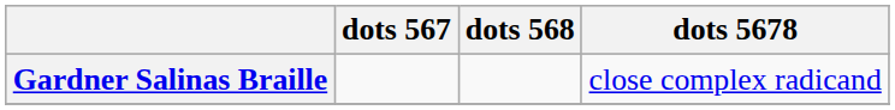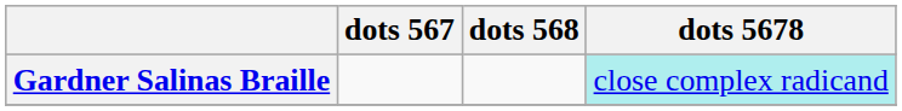 <table class="wikitable">
 <tr>
 <th></th>
 <th>dots 567</th>
 <th>dots 568</th>
 <th>dots 5678</th>
 </tr>
 <tr>
 <th align=left><a href='#'>Gardner Salinas Braille</a></th>
 <td></td>
 <td></td>
-<td><a href='#'>close complex radicand</a></td>
+<td style="background: paleturquoise;"><a href='#'>close complex radicand</a></td>
 </tr>
 <tr>
 </tr>
 <tr>
 </tr>
 </table>
